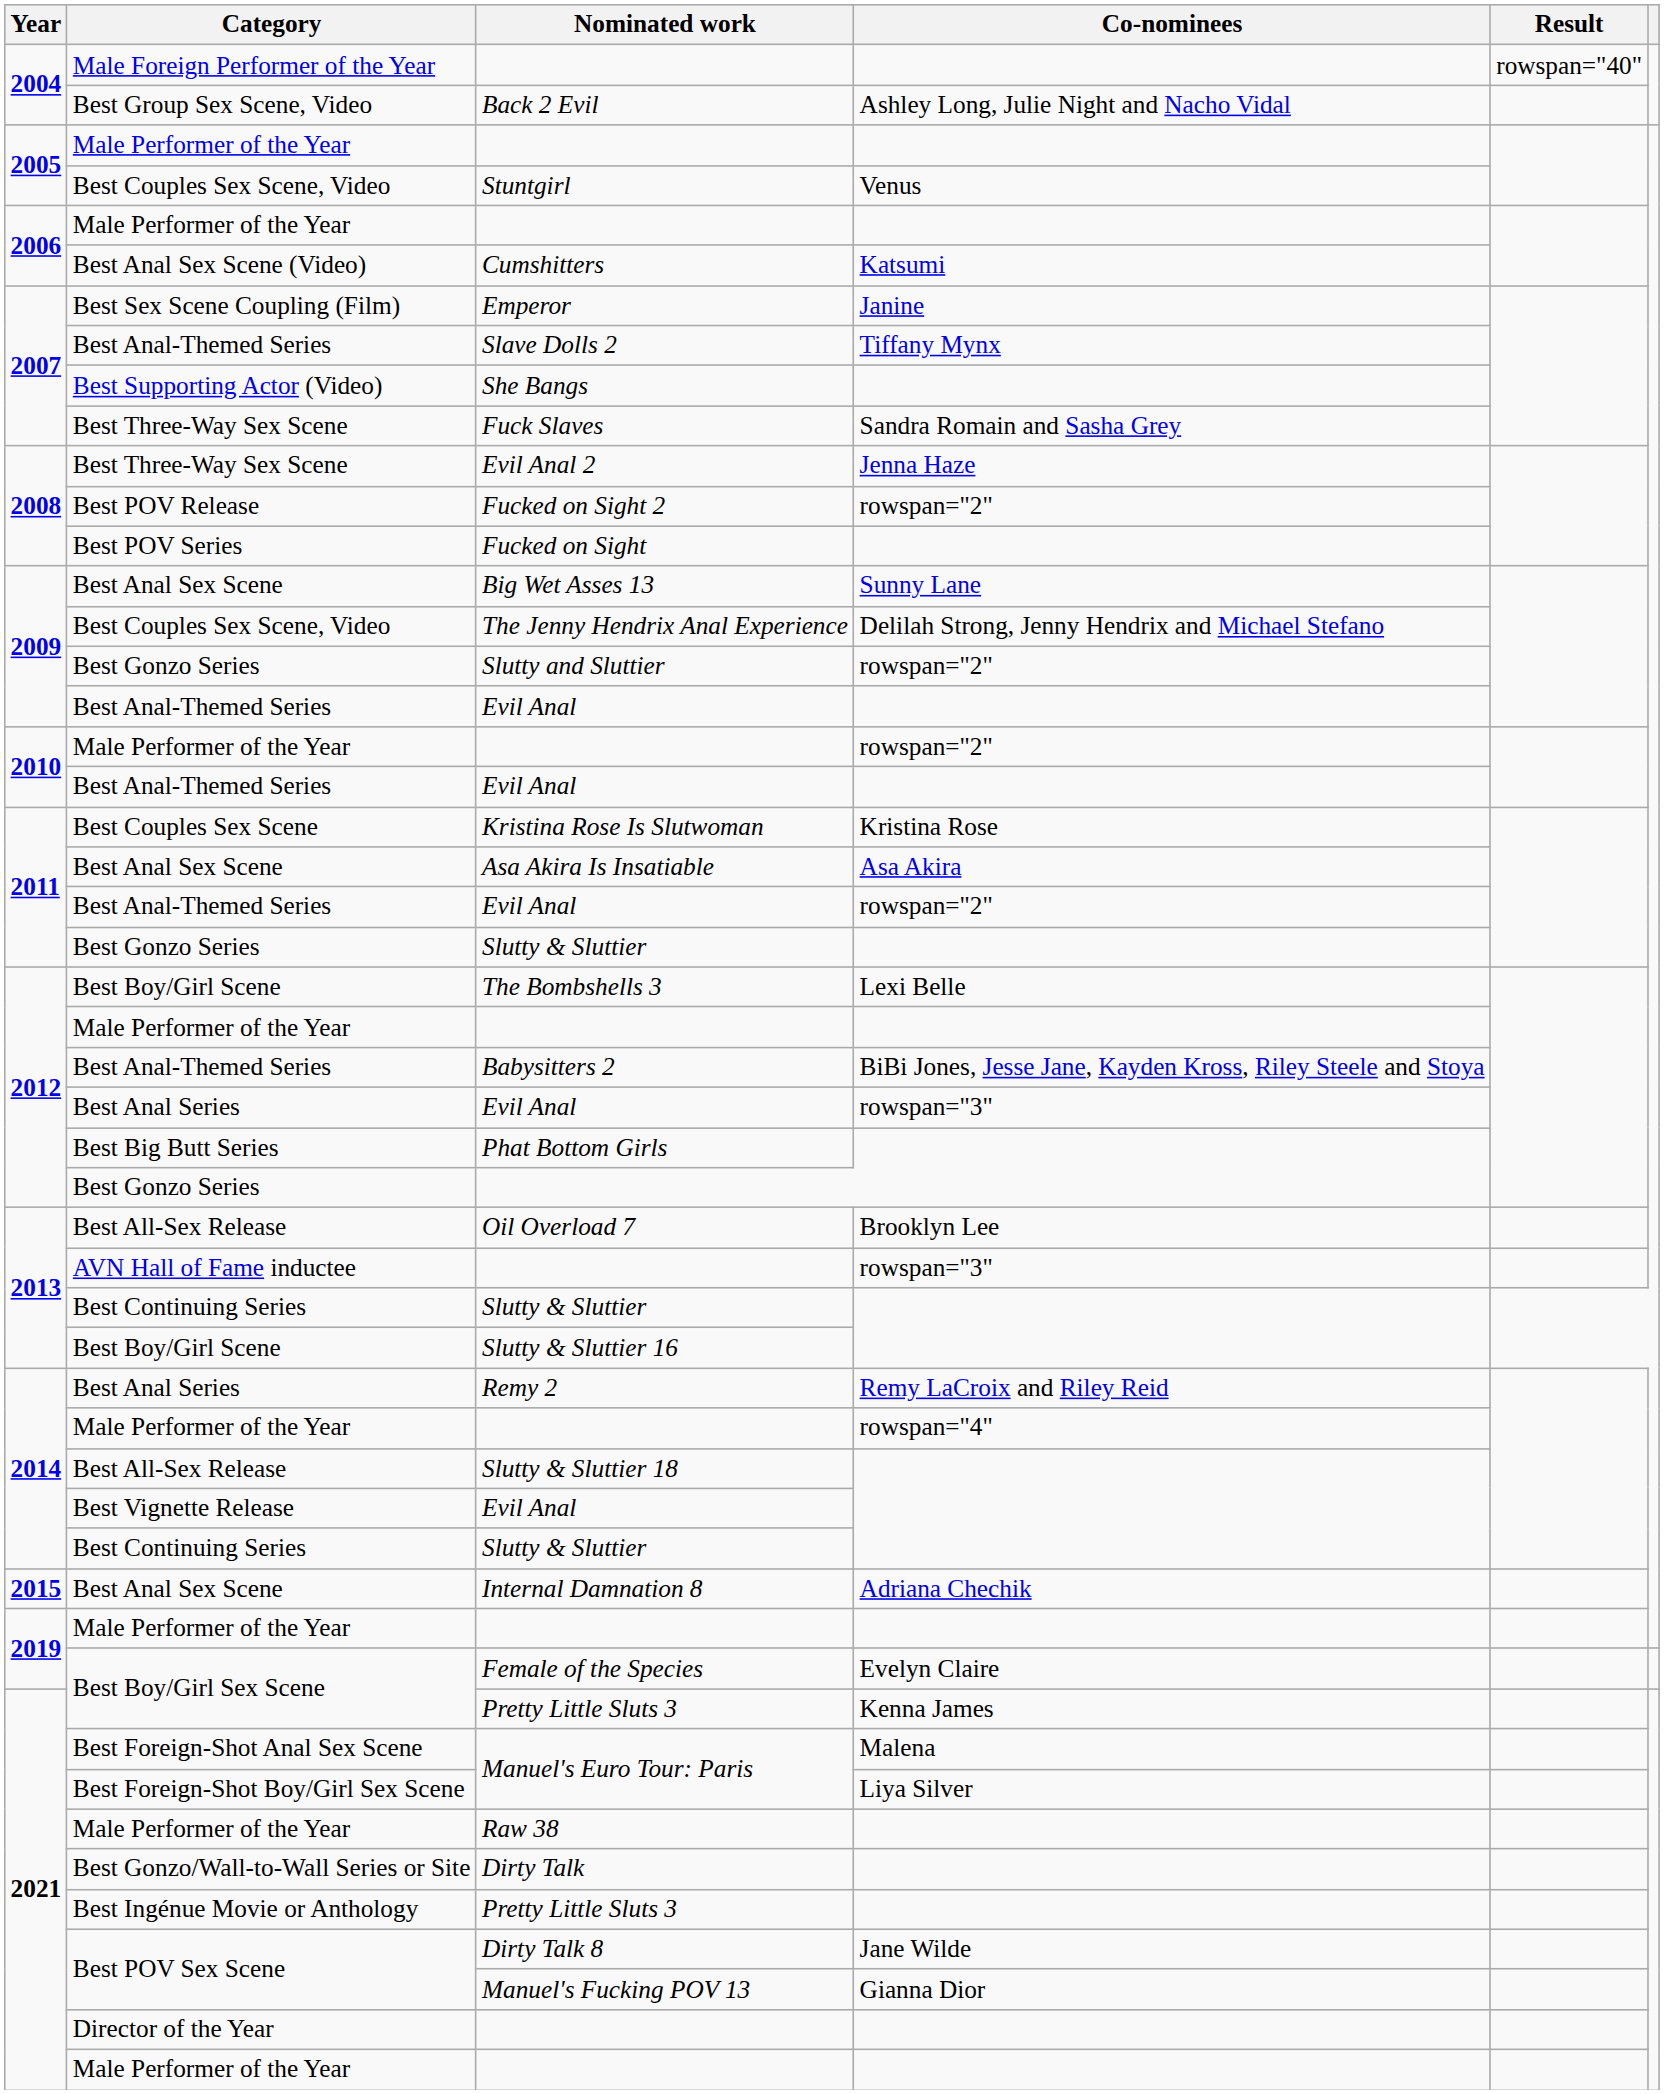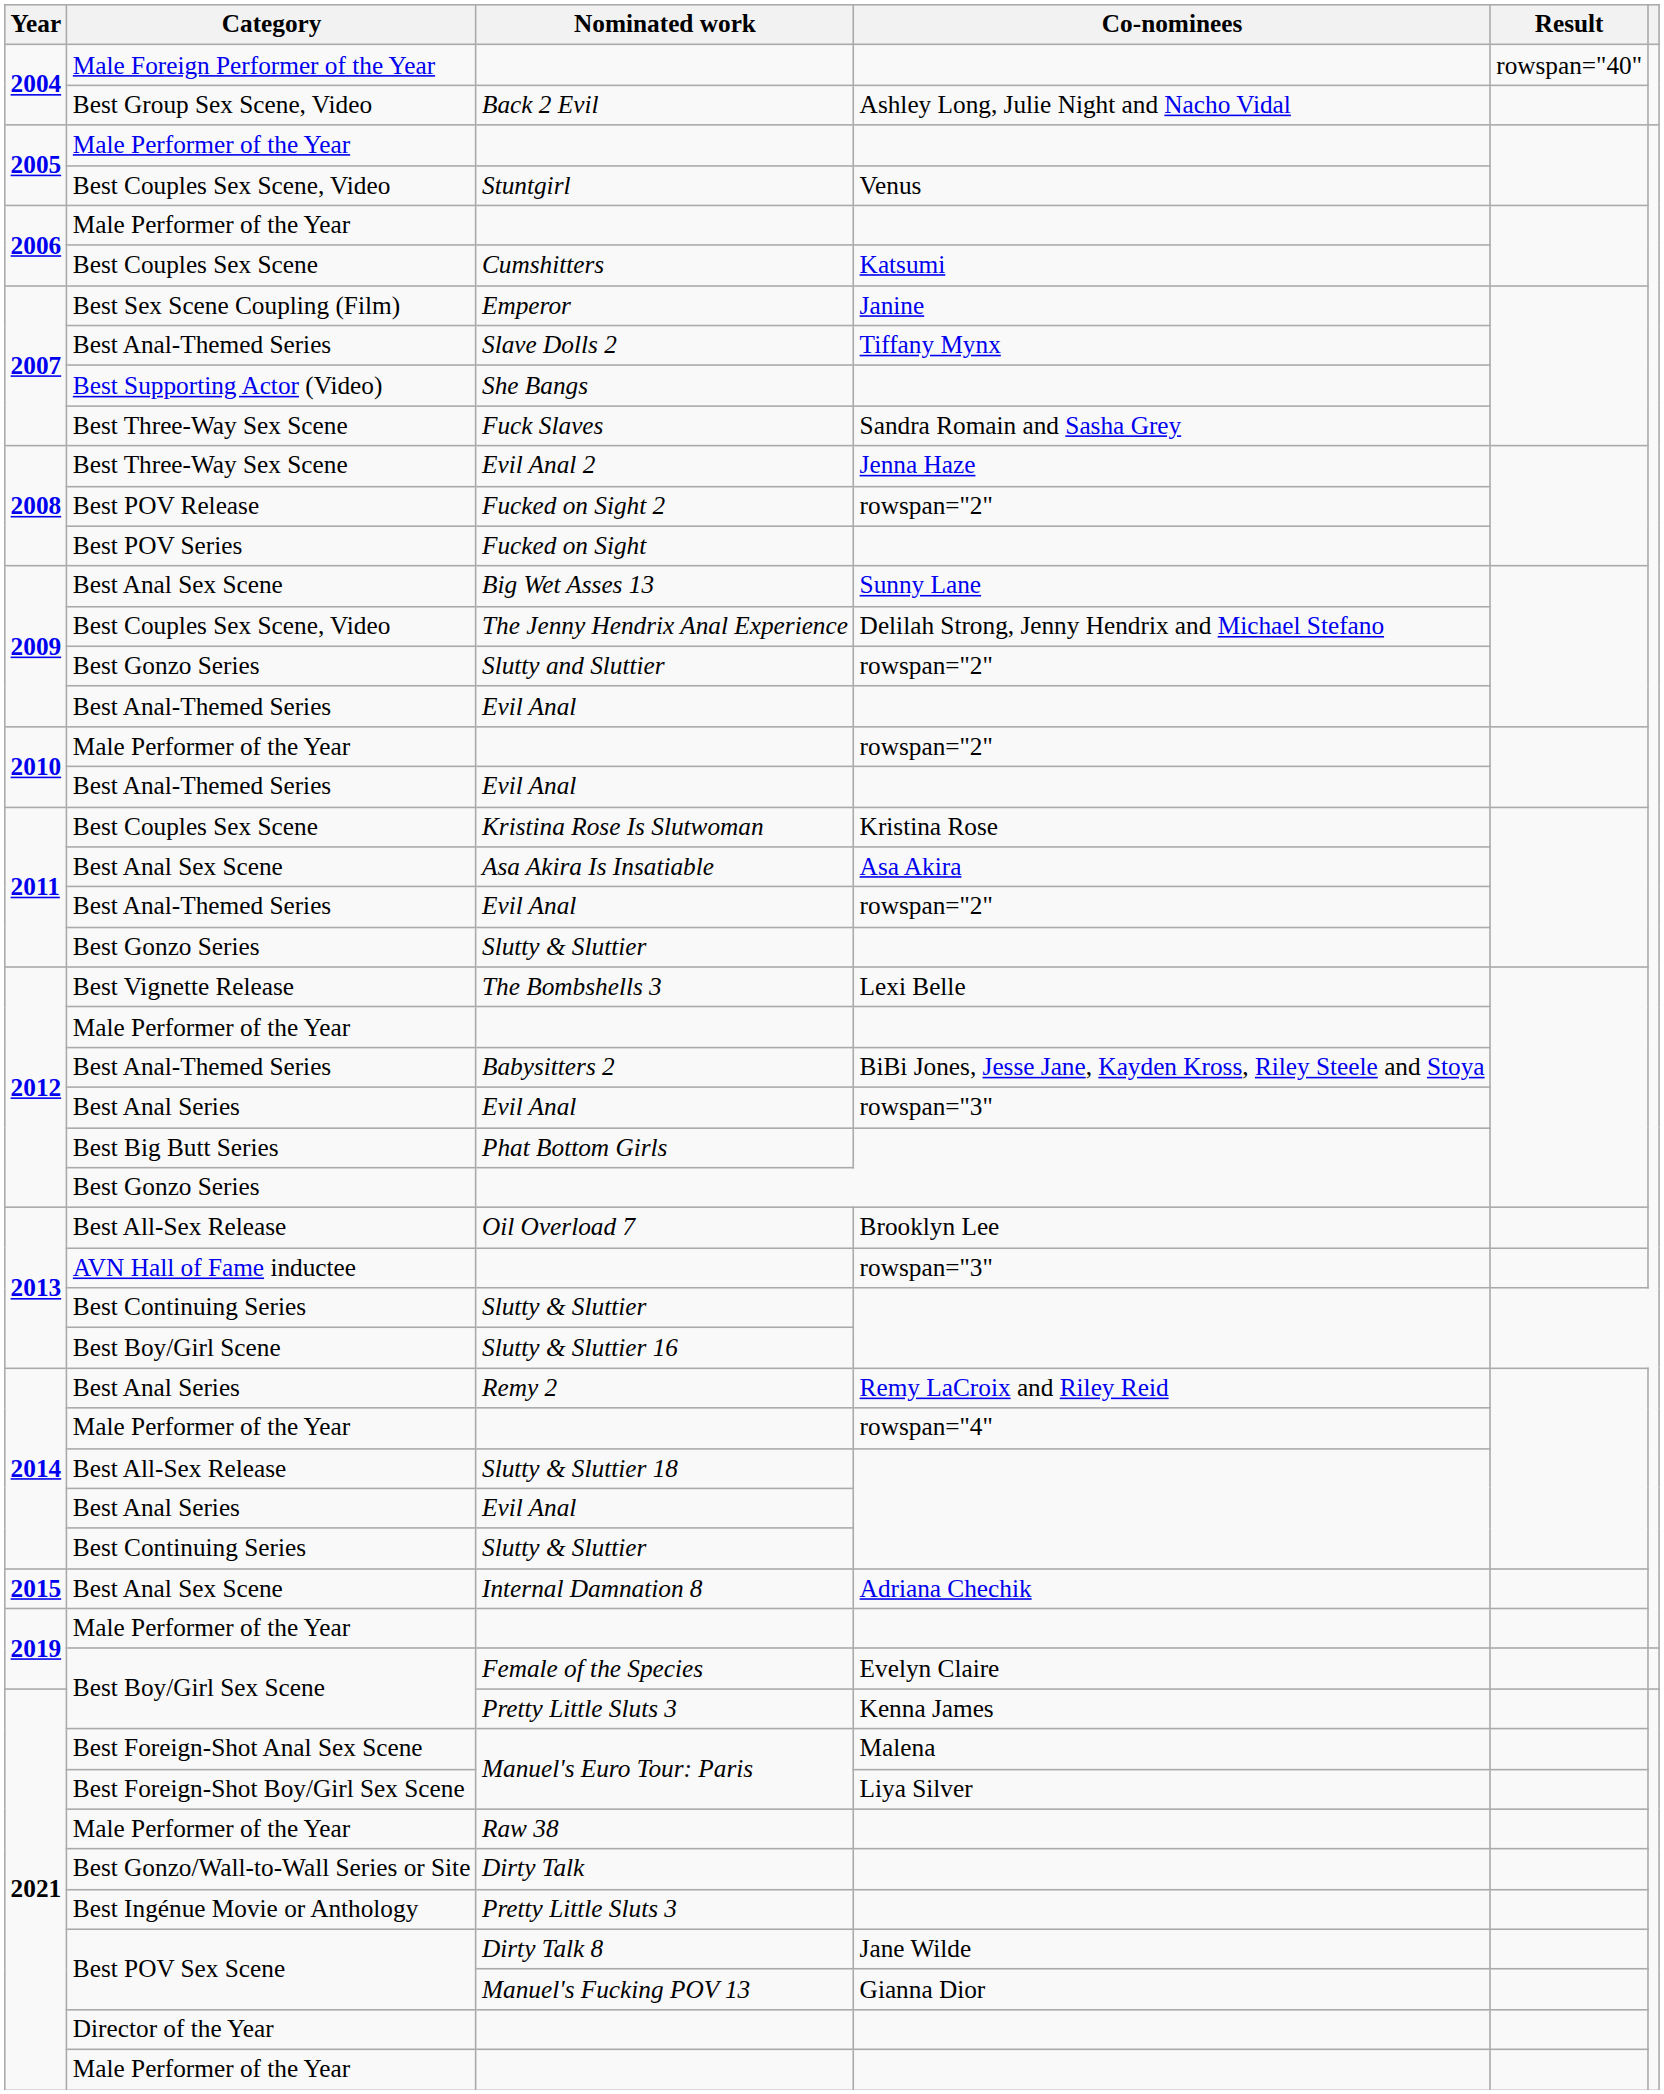 <table class="wikitable">
 <tr>
 <th>Year</th>
 <th>Category</th>
 <th>Nominated work</th>
 <th>Co-nominees</th>
 <th>Result</th>
 <th></th>
 </tr>
 <tr>
 <td rowspan="2"><strong><a href='#'>2004</a></strong></td>
 <td><a href='#'>Male Foreign Performer of the Year</a></td>
 <td></td>
 <td></td>
 <td>rowspan="40" </td>
 <td rowspan="2"></td>
 </tr>
 <tr>
 <td>Best Group Sex Scene, Video</td>
 <td><em>Back 2 Evil</em></td>
 <td>Ashley Long, Julie Night and <a href='#'>Nacho Vidal</a></td>
 </tr>
 <tr>
 <td rowspan="2"><strong><a href='#'>2005</a></strong></td>
 <td><a href='#'>Male Performer of the Year</a></td>
 <td></td>
 <td></td>
 <td rowspan="2"></td>
 </tr>
 <tr>
 <td>Best Couples Sex Scene, Video</td>
 <td><em>Stuntgirl</em></td>
 <td>Venus</td>
 </tr>
 <tr>
 <td rowspan="2"><strong><a href='#'>2006</a></strong></td>
 <td>Male Performer of the Year</td>
 <td></td>
 <td></td>
 <td rowspan="2"></td>
 </tr>
 <tr>
-<td>Best Anal Sex Scene (Video)</td>
+<td>Best Couples Sex Scene</td>
 <td><em>Cumshitters</em></td>
 <td><a href='#'>Katsumi</a></td>
 </tr>
 <tr>
 <td rowspan="4"><strong><a href='#'>2007</a></strong></td>
 <td>Best Sex Scene Coupling (Film)</td>
 <td><em>Emperor</em></td>
 <td><a href='#'>Janine</a></td>
 <td rowspan="4"></td>
 </tr>
 <tr>
 <td>Best Anal-Themed Series</td>
 <td><em>Slave Dolls 2</em></td>
 <td><a href='#'>Tiffany Mynx</a></td>
 </tr>
 <tr>
 <td><a href='#'>Best Supporting Actor</a> (Video)</td>
 <td><em>She Bangs</em></td>
 <td></td>
 </tr>
 <tr>
 <td>Best Three-Way Sex Scene</td>
 <td><em>Fuck Slaves</em></td>
 <td>Sandra Romain and <a href='#'>Sasha Grey</a></td>
 </tr>
 <tr>
 <td rowspan="3"><strong><a href='#'>2008</a></strong></td>
 <td>Best Three-Way Sex Scene</td>
 <td><em>Evil Anal 2</em></td>
 <td><a href='#'>Jenna Haze</a></td>
 <td rowspan="3"></td>
 </tr>
 <tr>
 <td>Best POV Release</td>
 <td><em>Fucked on Sight 2</em></td>
 <td>rowspan="2" </td>
 </tr>
 <tr>
 <td>Best POV Series</td>
 <td><em>Fucked on Sight</em></td>
 </tr>
 <tr>
 <td rowspan="4"><strong><a href='#'>2009</a></strong></td>
 <td>Best Anal Sex Scene</td>
 <td><em>Big Wet Asses 13</em></td>
 <td><a href='#'>Sunny Lane</a></td>
 <td rowspan="4"></td>
 </tr>
 <tr>
 <td>Best Couples Sex Scene, Video</td>
 <td><em>The Jenny Hendrix Anal Experience</em></td>
 <td>Delilah Strong, Jenny Hendrix and <a href='#'>Michael Stefano</a></td>
 </tr>
 <tr>
 <td>Best Gonzo Series</td>
 <td><em>Slutty and Sluttier</em></td>
 <td>rowspan="2" </td>
 </tr>
 <tr>
 <td>Best Anal-Themed Series</td>
 <td><em>Evil Anal</em></td>
 </tr>
 <tr>
 <td rowspan="2"><strong><a href='#'>2010</a></strong></td>
 <td>Male Performer of the Year</td>
 <td></td>
 <td>rowspan="2" </td>
 <td rowspan="2"></td>
 </tr>
 <tr>
 <td>Best Anal-Themed Series</td>
 <td><em>Evil Anal</em></td>
 </tr>
 <tr>
 <td rowspan="4"><strong><a href='#'>2011</a></strong></td>
 <td>Best Couples Sex Scene</td>
 <td><em>Kristina Rose Is Slutwoman</em></td>
 <td>Kristina Rose</td>
 <td rowspan="4"></td>
 </tr>
 <tr>
 <td>Best Anal Sex Scene</td>
 <td><em>Asa Akira Is Insatiable</em></td>
 <td><a href='#'>Asa Akira</a></td>
 </tr>
 <tr>
 <td>Best Anal-Themed Series</td>
 <td><em>Evil Anal</em></td>
 <td>rowspan="2" </td>
 </tr>
 <tr>
 <td>Best Gonzo Series</td>
 <td><em>Slutty & Sluttier</em></td>
 </tr>
 <tr>
 <td rowspan="6"><strong><a href='#'>2012</a></strong></td>
-<td>Best Boy/Girl Scene</td>
+<td>Best Vignette Release</td>
 <td><em>The Bombshells 3</em></td>
 <td>Lexi Belle</td>
 <td rowspan="6"></td>
 </tr>
 <tr>
 <td>Male Performer of the Year</td>
 <td></td>
 <td></td>
 </tr>
 <tr>
 <td>Best Anal-Themed Series</td>
 <td><em>Babysitters 2</em></td>
 <td>BiBi Jones, <a href='#'>Jesse Jane</a>, <a href='#'>Kayden Kross</a>, <a href='#'>Riley Steele</a> and <a href='#'>Stoya</a></td>
 </tr>
 <tr>
 <td>Best Anal Series</td>
 <td><em>Evil Anal</em></td>
 <td>rowspan="3" </td>
 </tr>
 <tr>
 <td>Best Big Butt Series</td>
 <td><em>Phat Bottom Girls</em></td>
 </tr>
 <tr>
 <td>Best Gonzo Series</td>
 </tr>
 <tr>
 <td rowspan="4"><strong><a href='#'>2013</a></strong></td>
 <td>Best All-Sex Release</td>
 <td><em>Oil Overload 7</em></td>
 <td>Brooklyn Lee</td>
 <td></td>
 </tr>
 <tr>
 <td><a href='#'>AVN Hall of Fame</a> inductee</td>
 <td></td>
 <td>rowspan="3" </td>
 <td></td>
 </tr>
 <tr>
 <td>Best Continuing Series</td>
 <td><em>Slutty & Sluttier</em></td>
 <td rowspan="2"></td>
 </tr>
 <tr>
 <td>Best Boy/Girl Scene</td>
 <td><em>Slutty & Sluttier 16</em></td>
 </tr>
 <tr>
 <td rowspan="5"><strong><a href='#'>2014</a></strong></td>
 <td>Best Anal Series</td>
 <td><em>Remy 2</em></td>
 <td><a href='#'>Remy LaCroix</a> and <a href='#'>Riley Reid</a></td>
 <td rowspan="5"></td>
 </tr>
 <tr>
 <td>Male Performer of the Year</td>
 <td></td>
 <td>rowspan="4" </td>
 </tr>
 <tr>
 <td>Best All-Sex Release</td>
 <td><em>Slutty & Sluttier 18</em></td>
 </tr>
 <tr>
-<td>Best Vignette Release</td>
+<td>Best Anal Series</td>
 <td><em>Evil Anal</em></td>
 </tr>
 <tr>
 <td>Best Continuing Series</td>
 <td><em>Slutty & Sluttier</em></td>
 </tr>
 <tr>
 <td><strong><a href='#'>2015</a></strong></td>
 <td>Best Anal Sex Scene</td>
 <td><em>Internal Damnation 8</em></td>
 <td><a href='#'>Adriana Chechik</a></td>
 <td></td>
 </tr>
 <tr>
 <td rowspan="2"><strong><a href='#'>2019</a> </strong></td>
 <td>Male Performer of the Year</td>
 <td></td>
 <td></td>
 <td></td>
 </tr>
 <tr>
 <td rowspan="2">Best Boy/Girl Sex Scene</td>
 <td><em>Female of the Species</em></td>
 <td>Evelyn Claire</td>
 <td></td>
 <td></td>
 </tr>
 <tr>
 <td rowspan="10"><strong>2021</strong></td>
 <td><em>Pretty Little Sluts 3</em></td>
 <td>Kenna James</td>
 <td></td>
 <td rowspan="10"></td>
 </tr>
 <tr>
 <td>Best Foreign-Shot Anal Sex Scene</td>
 <td rowspan="2"><em>Manuel's Euro Tour: Paris</em></td>
 <td>Malena</td>
 <td></td>
 </tr>
 <tr>
 <td>Best Foreign-Shot Boy/Girl Sex Scene</td>
 <td>Liya Silver</td>
 <td></td>
 </tr>
 <tr>
 <td>Male Performer of the Year</td>
 <td><em>Raw 38</em></td>
 <td></td>
 <td></td>
 </tr>
 <tr>
 <td>Best Gonzo/Wall-to-Wall Series or Site</td>
 <td><em>Dirty Talk</em></td>
 <td></td>
 <td></td>
 </tr>
 <tr>
 <td>Best Ingénue Movie or Anthology</td>
 <td><em>Pretty Little Sluts 3</em></td>
 <td></td>
 <td></td>
 </tr>
 <tr>
 <td rowspan="2">Best POV Sex Scene</td>
 <td><em>Dirty Talk 8</em></td>
 <td>Jane Wilde</td>
 <td></td>
 </tr>
 <tr>
 <td><em>Manuel's Fucking POV 13</em></td>
 <td>Gianna Dior</td>
 <td></td>
 </tr>
 <tr>
 <td>Director of the Year</td>
 <td></td>
 <td></td>
 <td></td>
 </tr>
 <tr>
 <td>Male Performer of the Year</td>
 <td></td>
 <td></td>
 <td></td>
 </tr>
 </table>
